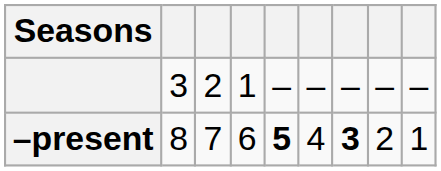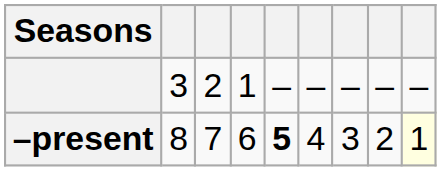 <table class="wikitable plainrowheaders sortable" style="text-align:center">
 <tr>
 <th scope="col">Seasons</th>
 <th scope="col"></th>
 <th scope="col"></th>
 <th scope="col"></th>
 <th scope="col"></th>
 <th scope="col"></th>
 <th scope="col"></th>
 <th scope="col"></th>
 <th scope="col"></th>
 </tr>
 <tr>
 <th scope="row" style="text-align:center"></th>
 <td>3</td>
 <td>2</td>
 <td>1</td>
 <td>–</td>
 <td>–</td>
 <td>–</td>
 <td>–</td>
 <td>–</td>
 </tr>
 <tr>
 <th scope="row" style="text-align:center">–present</th>
 <td>8</td>
 <td>7</td>
 <td>6</td>
 <td><strong>5</strong></td>
 <td>4</td>
-<td><strong>3</strong></td>
+<td>3</td>
 <td>2</td>
-<td>1</td>
+<td style="background: lightyellow;">1</td>
 </tr>
 </table>
